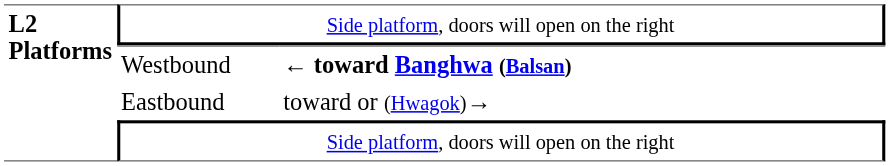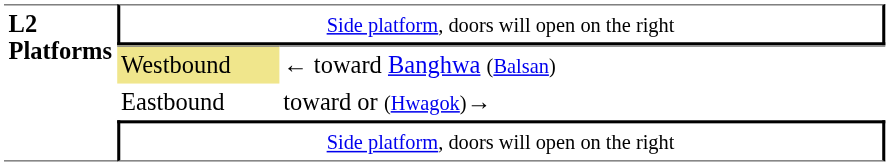 <table table border=0 cellspacing=0 cellpadding=3>
 <tr>
 <td style="border-top:solid 1px gray;border-bottom:solid 1px gray;" width=50 rowspan=10 valign=top><strong>L2<br>Platforms</strong></td>
 <td style="border-top:solid 1px gray;border-right:solid 2px black;border-left:solid 2px black;border-bottom:solid 2px black;text-align:center;" colspan=2><small><a href='#'>Side platform</a>, doors will open on the right</small></td>
 </tr>
 <tr>
-<td style="border-bottom:solid 0px gray;border-top:solid 1px gray;" width=100>Westbound</td>
-<td style="border-bottom:solid 0px gray;border-top:solid 1px gray;" width=390><strong>←  toward <a href='#'>Banghwa</a> <small>(<a href='#'>Balsan</a>)</small></strong></td>
+<td style="background: khaki; border-bottom:solid 0px gray;border-top:solid 1px gray;" width=100>Westbound</td>
+<td style="border-bottom:solid 0px gray;border-top:solid 1px gray;" width=390>←  toward <a href='#'>Banghwa</a> <small>(<a href='#'>Balsan</a>)</small></td>
 </tr>
 <tr>
 <td>Eastbound</td>
 <td>  toward  or  <small>(<a href='#'>Hwagok</a>)</small>→</td>
 </tr>
 <tr>
 <td style="border-top:solid 2px black;border-right:solid 2px black;border-left:solid 2px black;border-bottom:solid 1px gray;text-align:center;" colspan=2><small><a href='#'>Side platform</a>, doors will open on the right</small></td>
 </tr>
 </table>
